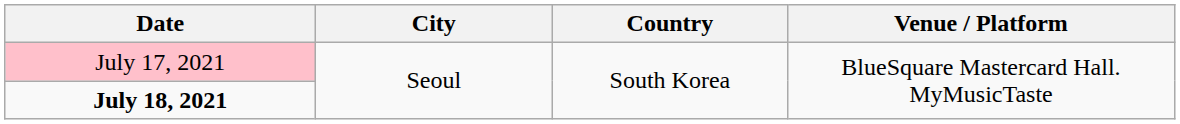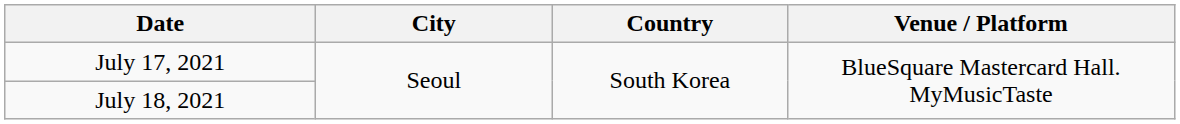 <table class="wikitable" style="text-align:center">
 <tr>
 <th style="width:200px">Date</th>
 <th style="width:150px">City</th>
 <th style="width:150px">Country</th>
 <th style="width:250px">Venue / Platform</th>
 </tr>
 <tr>
-<td style="background: pink;">July 17, 2021</td>
+<td>July 17, 2021</td>
 <td rowspan="2">Seoul</td>
 <td rowspan="2">South Korea</td>
 <td rowspan="2">BlueSquare Mastercard Hall. MyMusicTaste</td>
 </tr>
 <tr>
-<td><strong>July 18, 2021</strong></td>
+<td>July 18, 2021</td>
 </tr>
 </table>
